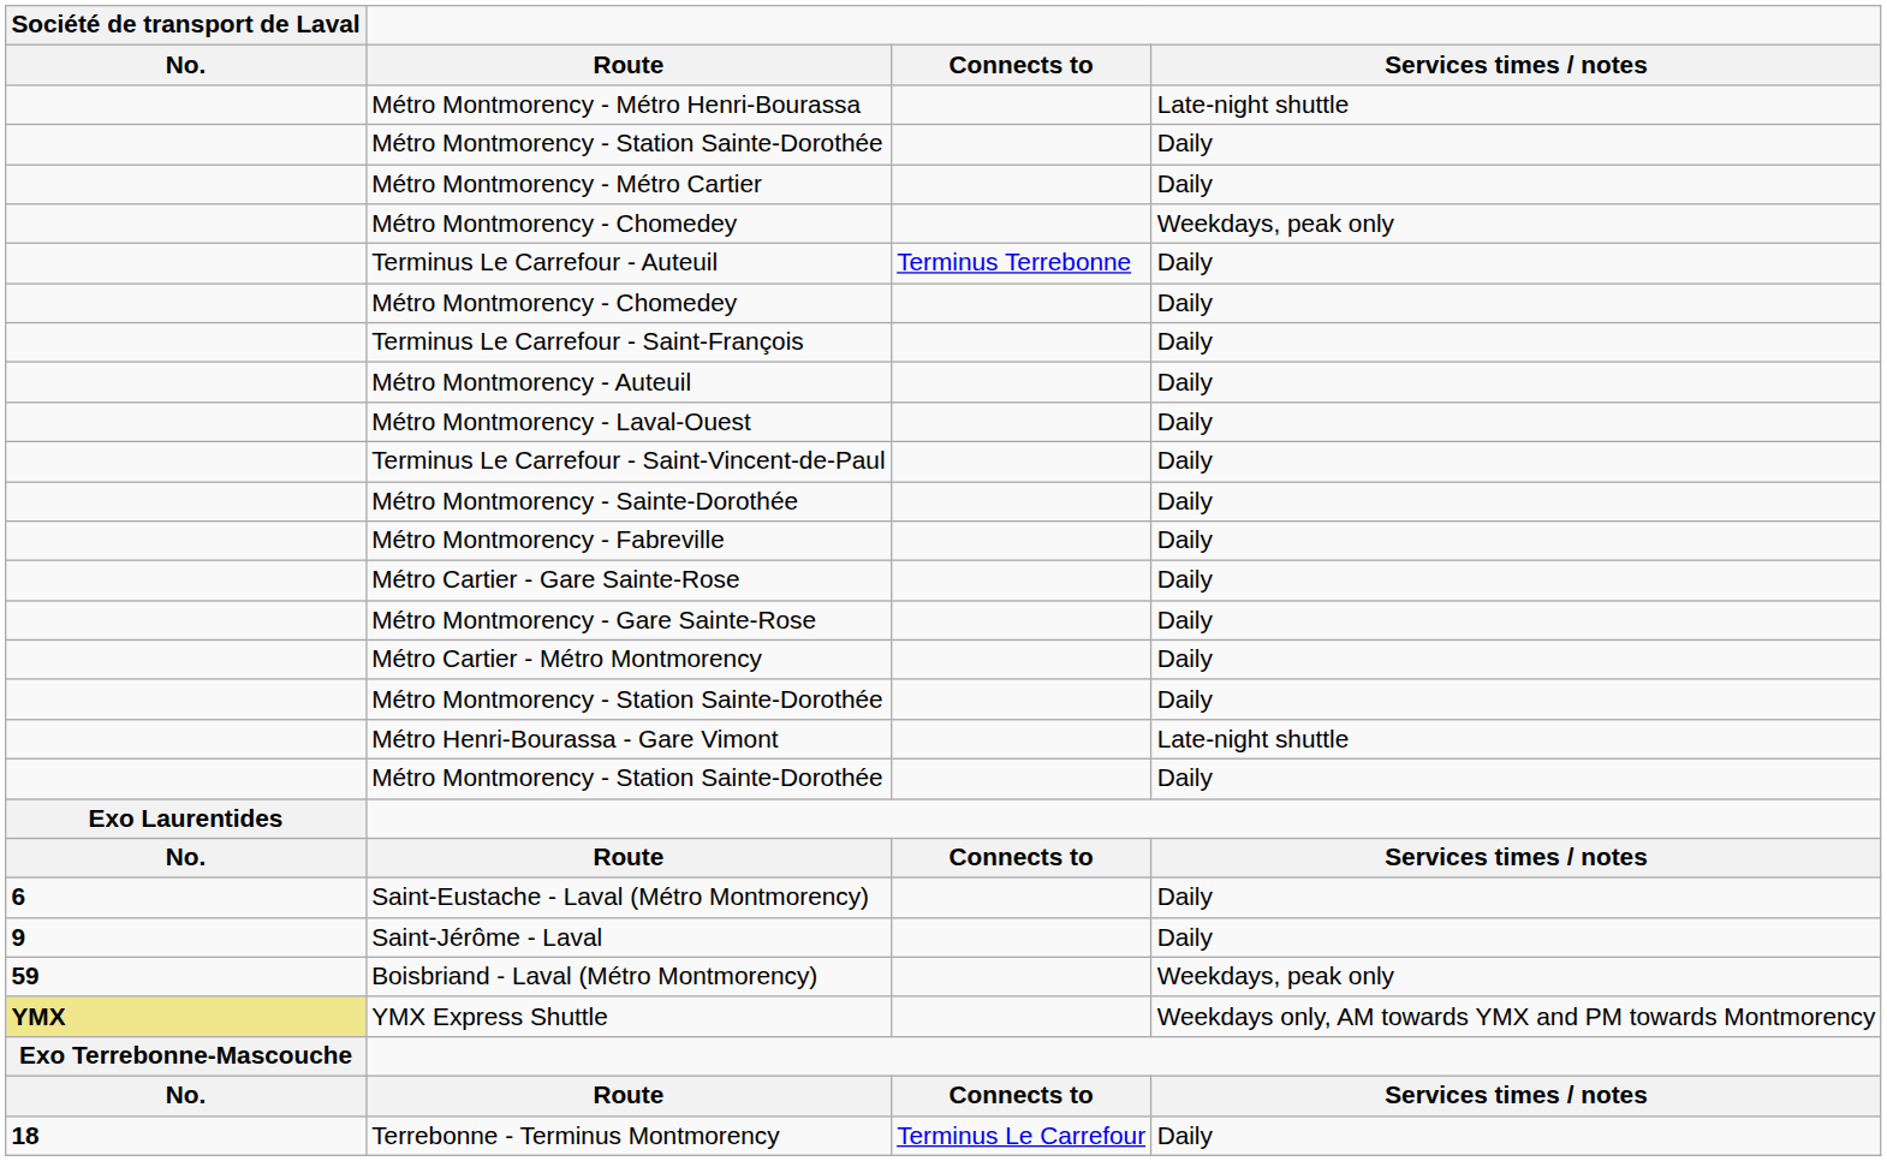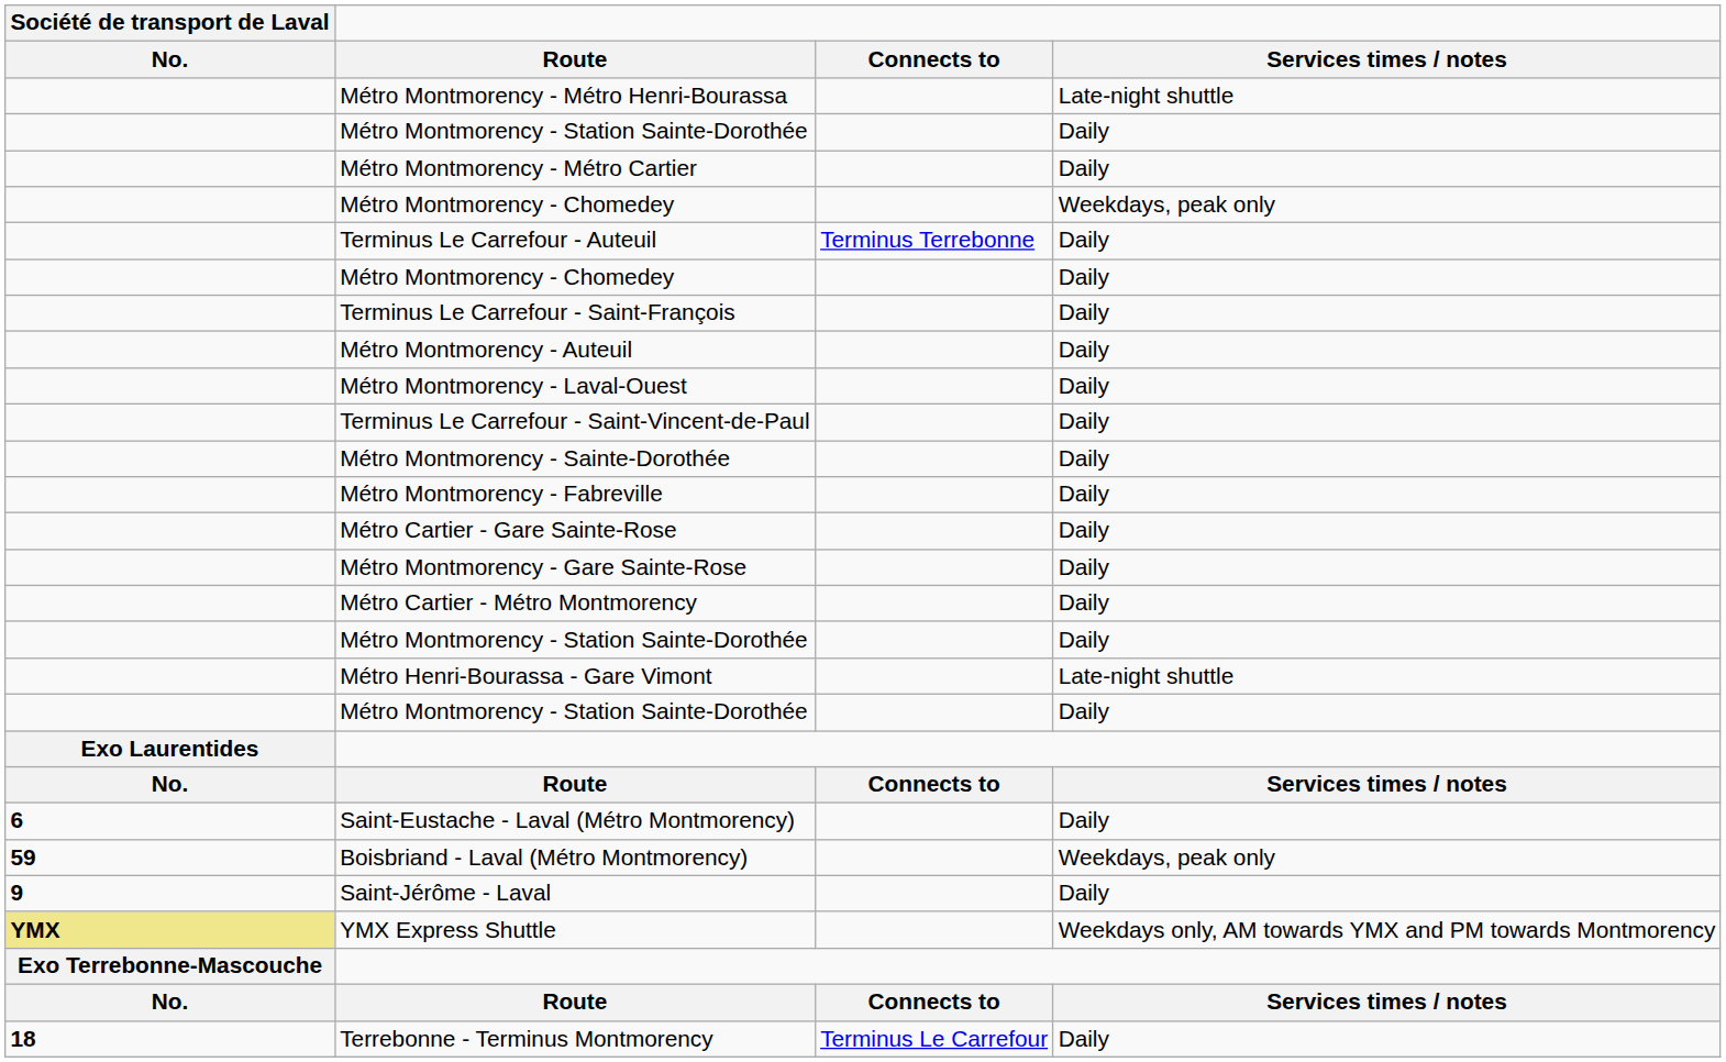 <table class="wikitable">
 <tr>
 <th style="background: #">Société de transport de Laval</th>
 </tr>
 <tr>
 <th>No.</th>
 <th>Route</th>
 <th>Connects to</th>
 <th>Services times / notes</th>
 </tr>
 <tr>
 <td></td>
 <td>Métro Montmorency - Métro Henri-Bourassa</td>
 <td></td>
 <td>Late-night shuttle</td>
 </tr>
 <tr>
 <td></td>
 <td>Métro Montmorency - Station Sainte-Dorothée</td>
 <td></td>
 <td>Daily</td>
 </tr>
 <tr>
 <td></td>
 <td>Métro Montmorency - Métro Cartier</td>
 <td></td>
 <td>Daily</td>
 </tr>
 <tr>
 <td></td>
 <td>Métro Montmorency - Chomedey</td>
 <td></td>
 <td>Weekdays, peak only</td>
 </tr>
 <tr>
 <td></td>
 <td>Terminus Le Carrefour - Auteuil</td>
 <td> <a href='#'>Terminus Terrebonne</a></td>
 <td>Daily</td>
 </tr>
 <tr>
 <td></td>
 <td>Métro Montmorency - Chomedey</td>
 <td></td>
 <td>Daily</td>
 </tr>
 <tr>
 <td></td>
 <td>Terminus Le Carrefour - Saint-François</td>
 <td></td>
 <td>Daily</td>
 </tr>
 <tr>
 <td></td>
 <td>Métro Montmorency - Auteuil</td>
 <td></td>
 <td>Daily</td>
 </tr>
 <tr>
 <td></td>
 <td>Métro Montmorency - Laval-Ouest</td>
 <td></td>
 <td>Daily</td>
 </tr>
 <tr>
 <td></td>
 <td>Terminus Le Carrefour - Saint-Vincent-de-Paul</td>
 <td></td>
 <td>Daily</td>
 </tr>
 <tr>
 <td></td>
 <td>Métro Montmorency - Sainte-Dorothée</td>
 <td></td>
 <td>Daily</td>
 </tr>
 <tr>
 <td></td>
 <td>Métro Montmorency - Fabreville</td>
 <td></td>
 <td>Daily</td>
 </tr>
 <tr>
 <td></td>
 <td>Métro Cartier - Gare Sainte-Rose</td>
 <td></td>
 <td>Daily</td>
 </tr>
 <tr>
 <td></td>
 <td>Métro Montmorency - Gare Sainte-Rose</td>
 <td></td>
 <td>Daily</td>
 </tr>
 <tr>
 <td></td>
 <td>Métro Cartier - Métro Montmorency</td>
 <td></td>
 <td>Daily</td>
 </tr>
 <tr>
 <td></td>
 <td>Métro Montmorency - Station Sainte-Dorothée</td>
 <td></td>
 <td>Daily</td>
 </tr>
 <tr>
 <td></td>
 <td>Métro Henri-Bourassa - Gare Vimont</td>
 <td></td>
 <td>Late-night shuttle</td>
 </tr>
 <tr>
 <td></td>
 <td>Métro Montmorency - Station Sainte-Dorothée</td>
 <td></td>
 <td>Daily</td>
 </tr>
 <tr>
 <th style="background: #">Exo Laurentides</th>
 </tr>
 <tr>
 <th>No.</th>
 <th>Route</th>
 <th>Connects to</th>
 <th>Services times / notes</th>
 </tr>
 <tr>
 <td {{border> <strong>6</strong></td>
 <td>Saint-Eustache - Laval (Métro Montmorency)</td>
 <td></td>
 <td>Daily</td>
 </tr>
 <tr>
+<td {{border> <strong>59</strong></td>
+<td>Boisbriand - Laval (Métro Montmorency)</td>
+<td></td>
+<td>Weekdays, peak only</td>
+</tr>
+<tr>
 <td {{border> <strong>9</strong></td>
 <td>Saint-Jérôme - Laval</td>
 <td></td>
 <td>Daily</td>
-</tr>
-<tr>
-<td {{border> <strong>59</strong></td>
-<td>Boisbriand - Laval (Métro Montmorency)</td>
-<td></td>
-<td>Weekdays, peak only</td>
 </tr>
 <tr>
 <td {{border style="background: khaki;"> <strong>YMX</strong></td>
 <td>YMX Express Shuttle</td>
 <td></td>
 <td>Weekdays only, AM towards YMX and PM towards Montmorency</td>
 </tr>
 <tr>
 <th style="background: #">Exo Terrebonne-Mascouche</th>
 </tr>
 <tr>
 <th>No.</th>
 <th>Route</th>
 <th>Connects to</th>
 <th>Services times / notes</th>
 </tr>
 <tr>
 <td {{border> <strong>18</strong></td>
 <td>Terrebonne - Terminus Montmorency</td>
 <td> <a href='#'>Terminus Le Carrefour</a></td>
 <td>Daily</td>
 </tr>
 <tr>
 </tr>
 </table>
